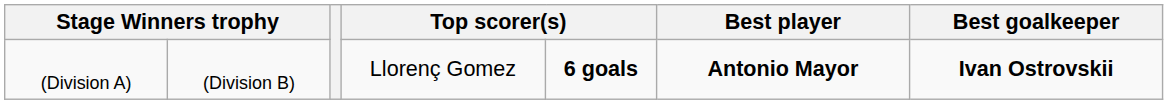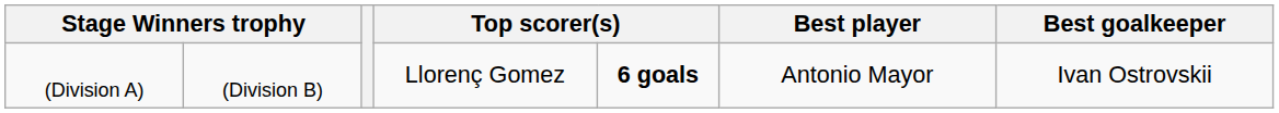 <table class="wikitable" style="text-align: center; font-size: 97%;">
 <tr>
 <th colspan=2 width=220>Stage Winners trophy</th>
 <th rowspan=2></th>
 <th colspan=2 width=220>Top scorer(s)</th>
 <th width=175>Best player</th>
 <th width=175>Best goalkeeper</th>
 </tr>
 <tr align=center style="background:">
 <td style="text-align:center;" width=110><br><small>(Division A)</small></td>
 <td width=110><br><small>(Division B)</small></td>
 <td> Llorenç Gomez</td>
 <td><strong>6 goals</strong></td>
-<td><strong> Antonio Mayor</strong></td>
-<td><strong> Ivan Ostrovskii</strong></td>
+<td> Antonio Mayor</td>
+<td> Ivan Ostrovskii</td>
 </tr>
 </table>
